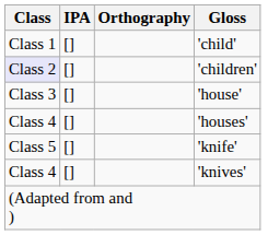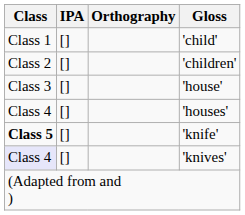 <table class="wikitable">
 <tr>
 <th>Class</th>
 <th>IPA</th>
 <th>Orthography</th>
 <th>Gloss</th>
 </tr>
 <tr>
 <td>Class 1</td>
 <td>[]</td>
 <td></td>
 <td>'child'</td>
 </tr>
 <tr>
-<td style="background: lavender;">Class 2</td>
+<td>Class 2</td>
 <td>[]</td>
 <td></td>
 <td>'children'</td>
 </tr>
 <tr>
 <td>Class 3</td>
 <td>[]</td>
 <td></td>
 <td>'house'</td>
 </tr>
 <tr>
 <td>Class 4</td>
 <td>[]</td>
 <td></td>
 <td>'houses'</td>
 </tr>
 <tr>
-<td>Class 5</td>
+<td><strong>Class 5</strong></td>
 <td>[]</td>
 <td></td>
 <td>'knife'</td>
 </tr>
 <tr>
-<td>Class 4</td>
+<td style="background: lavender;">Class 4</td>
 <td>[]</td>
 <td></td>
 <td>'knives'</td>
 </tr>
 <tr>
 <td colspan="4">(Adapted from  and<br>)</td>
 </tr>
 </table>
